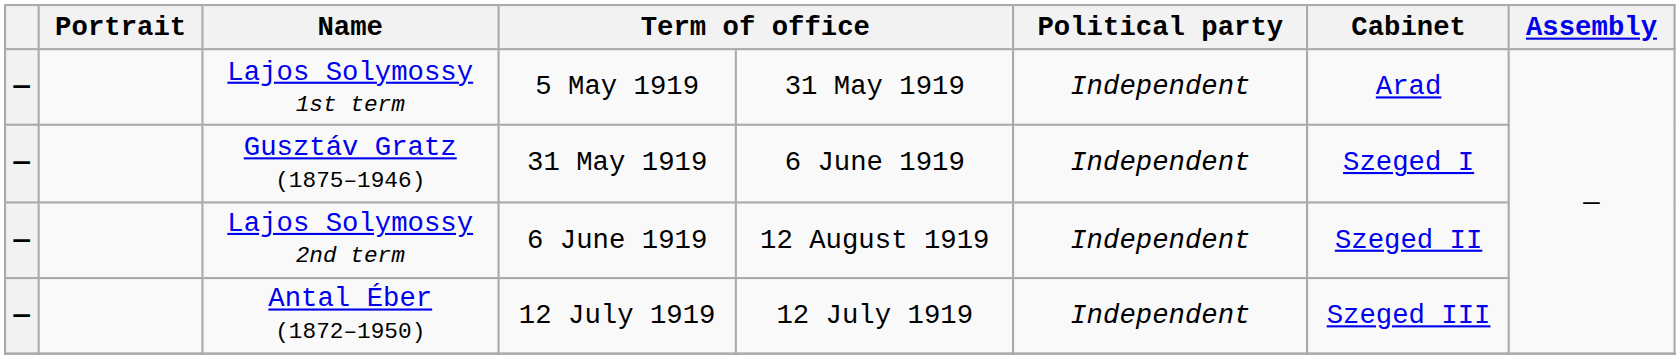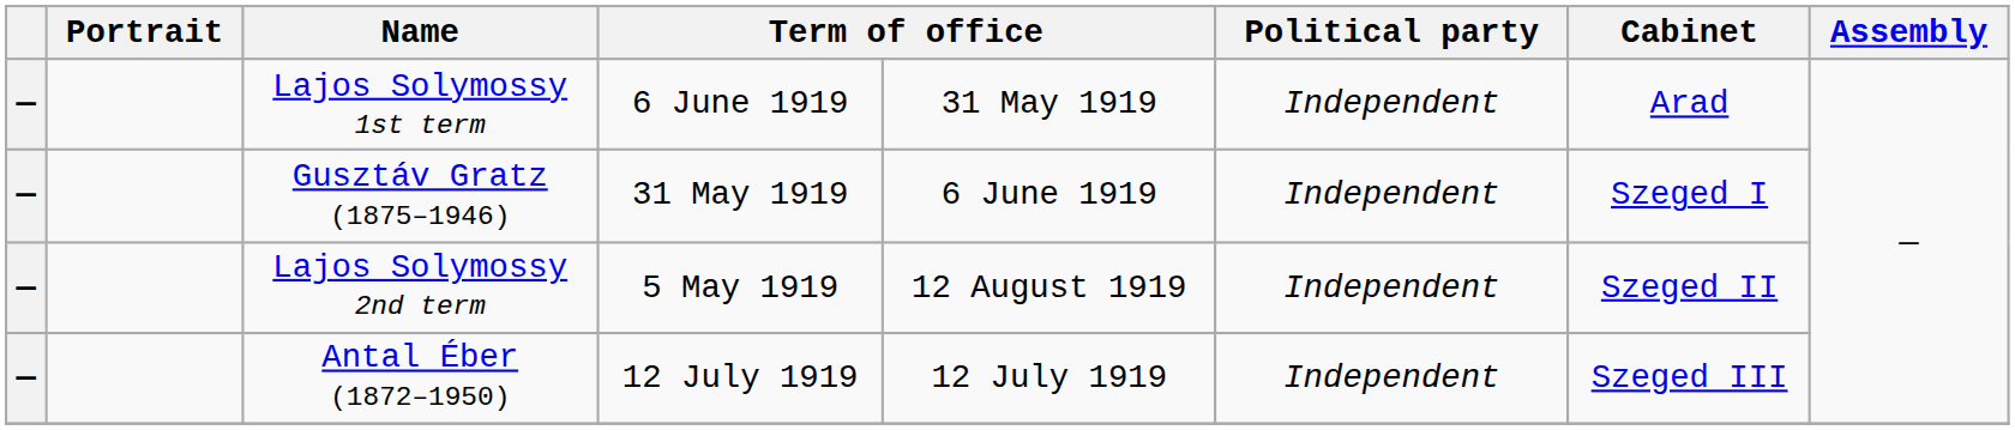 <table class="wikitable" style="width:90%; text-align:center;">
 <tr>
 <th></th>
 <th>Portrait</th>
 <th>Name<br></th>
 <th colspan=2>Term of office</th>
 <th>Political party</th>
 <th>Cabinet</th>
 <th><a href='#'>Assembly</a><br></th>
 </tr>
 <tr>
 <th style="background:">—</th>
 <td></td>
 <td><a href='#'>Lajos Solymossy</a><br><small><em>1st term</em></small></td>
-<td>5 May 1919</td>
+<td>6 June 1919</td>
 <td>31 May 1919</td>
 <td><em>Independent</em></td>
 <td><a href='#'>Arad</a></td>
 <td rowspan="4">—</td>
 </tr>
 <tr>
 <th style="background:">—</th>
 <td></td>
 <td><a href='#'>Gusztáv Gratz</a><br><small>(1875–1946)</small></td>
 <td>31 May 1919</td>
 <td>6 June 1919</td>
 <td><em>Independent</em></td>
 <td><a href='#'>Szeged I</a></td>
 </tr>
 <tr>
 <th style="background:">—</th>
 <td></td>
 <td><a href='#'>Lajos Solymossy</a><br><small><em>2nd term</em></small></td>
-<td>6 June 1919</td>
+<td>5 May 1919</td>
 <td>12 August 1919</td>
 <td><em>Independent</em></td>
 <td><a href='#'>Szeged II</a></td>
 </tr>
 <tr>
 <th style="background:">—</th>
 <td></td>
 <td><a href='#'>Antal Éber</a><br><small>(1872–1950)</small></td>
 <td>12 July 1919</td>
 <td>12 July 1919</td>
 <td><em>Independent</em></td>
 <td><a href='#'>Szeged III</a></td>
 </tr>
 <tr>
 </tr>
 </table>
